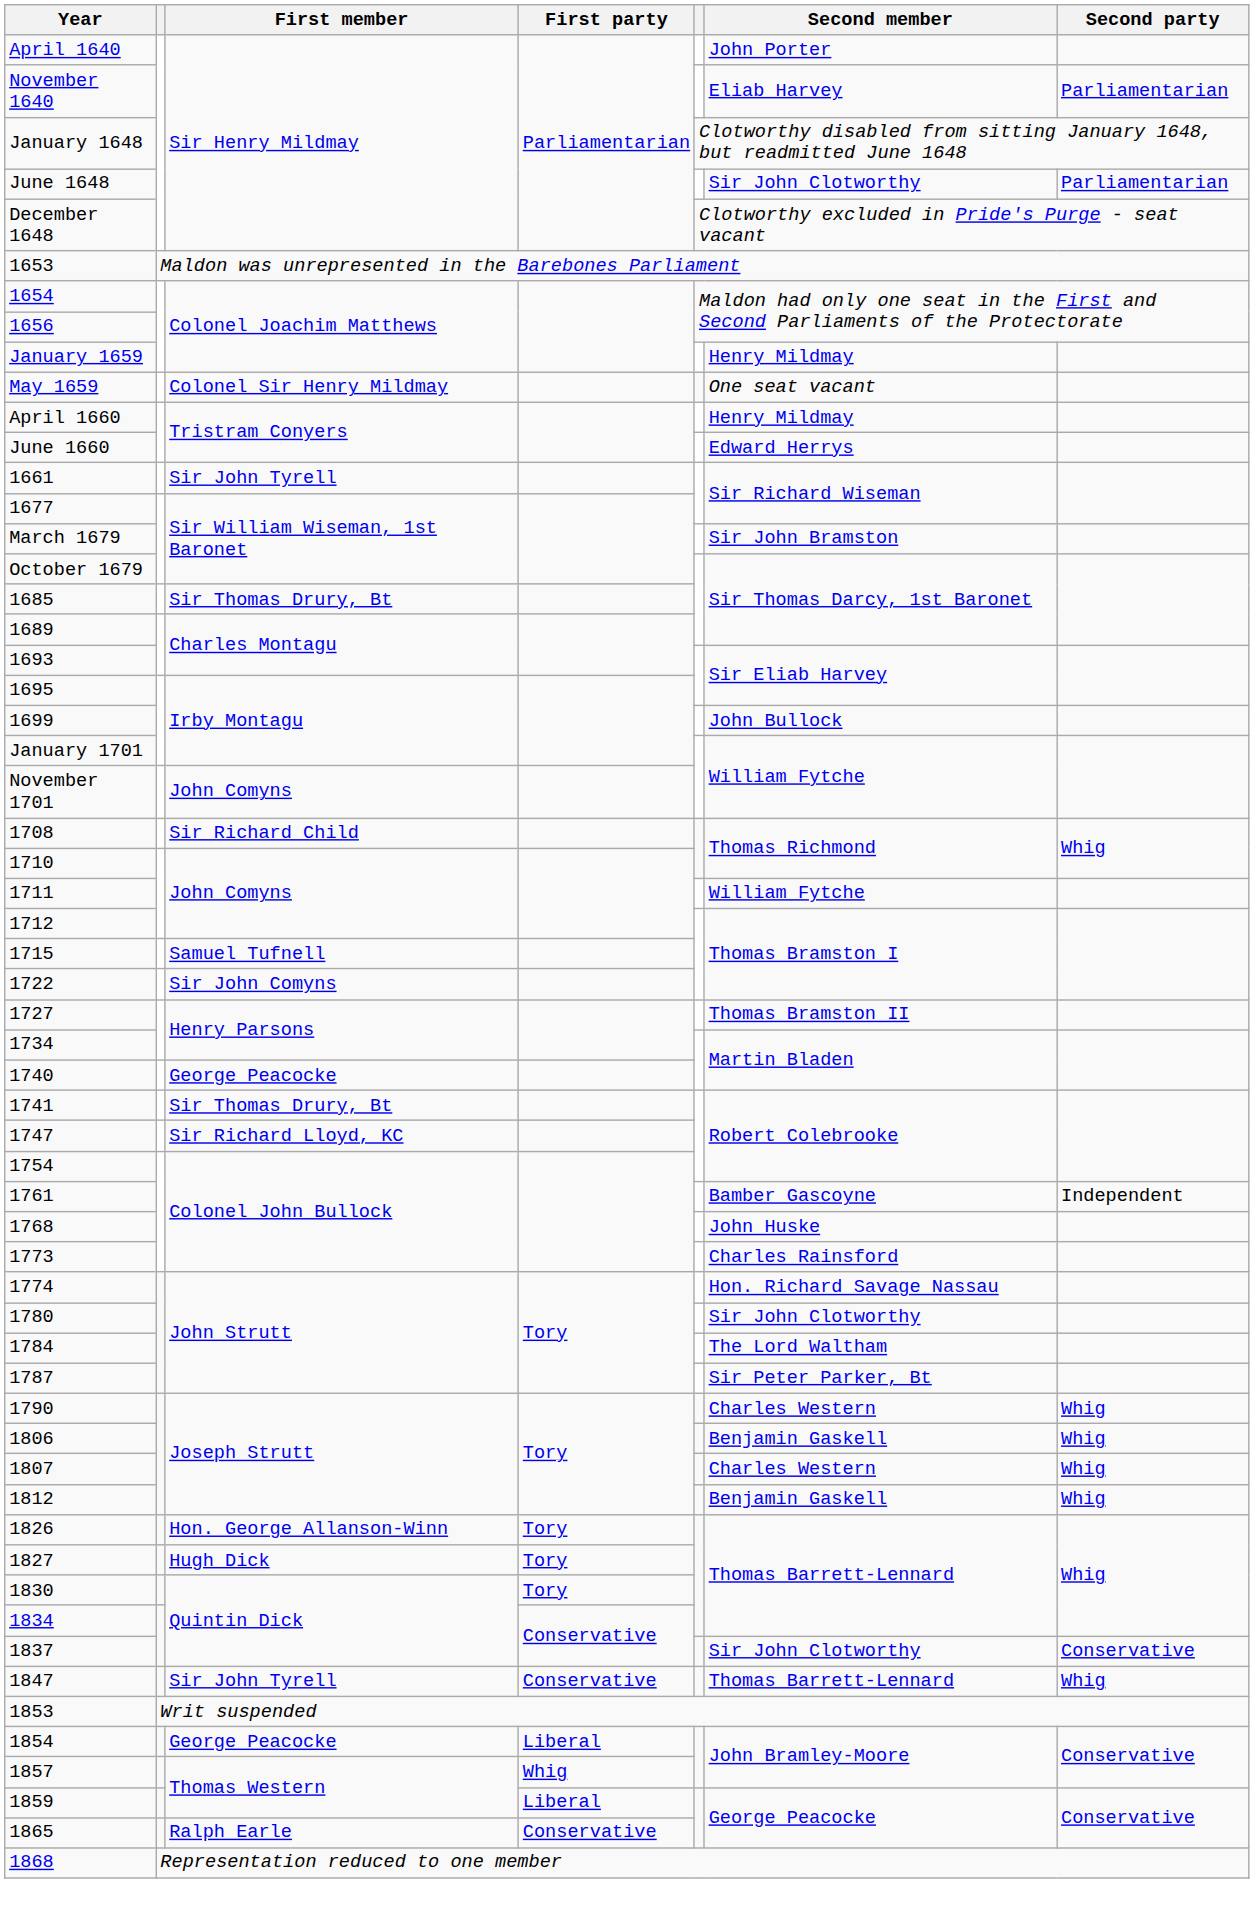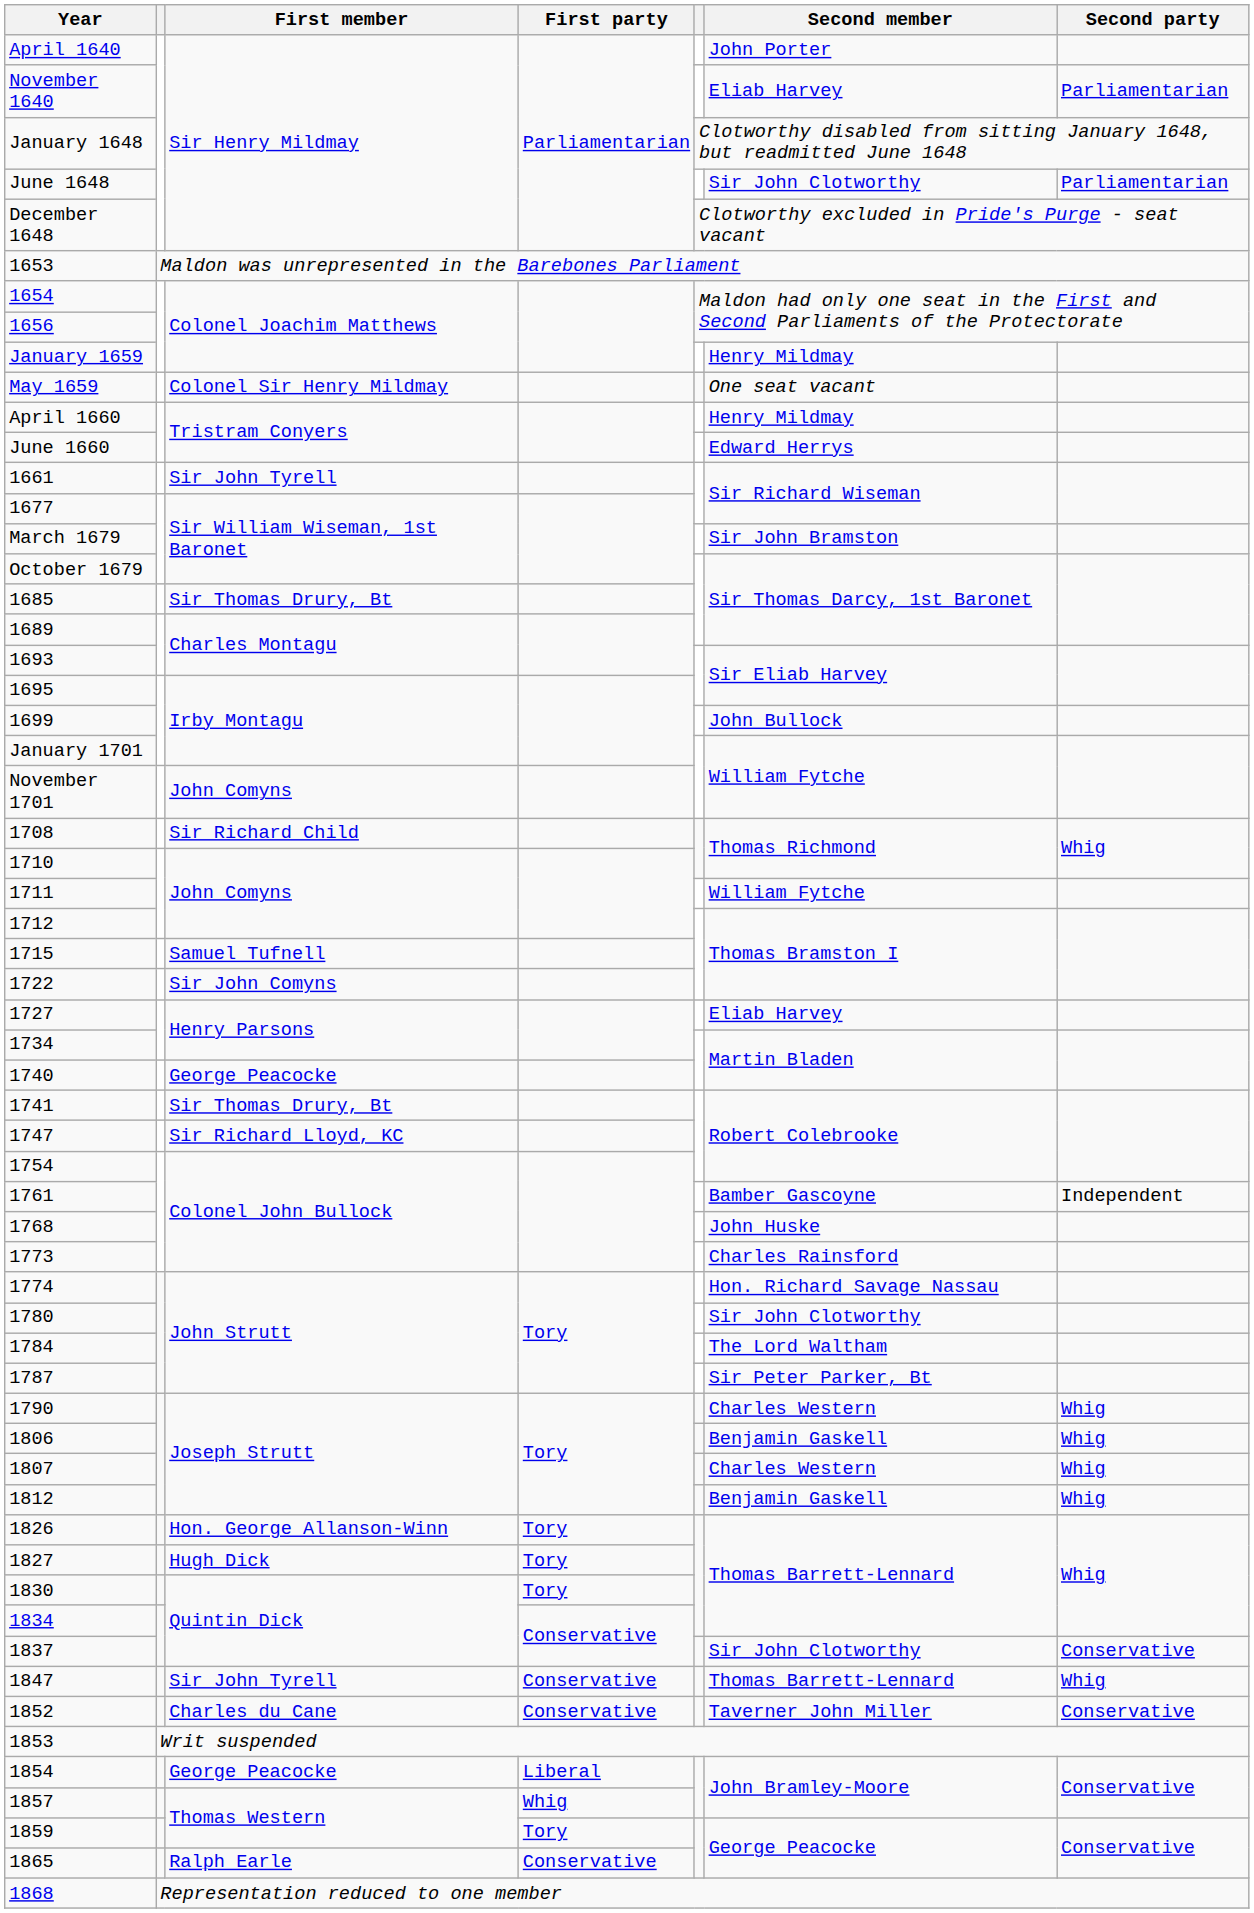 <table class="wikitable">
 <tr>
 <th>Year</th>
 <th></th>
 <th>First member</th>
 <th>First party</th>
 <th></th>
 <th>Second member</th>
 <th>Second party</th>
 </tr>
 <tr>
 <td><a href='#'>April 1640</a></td>
 <td rowspan="5" style="color:inherit;background-color: white"></td>
 <td rowspan="5"><a href='#'>Sir Henry Mildmay</a></td>
 <td rowspan="5"><a href='#'>Parliamentarian</a></td>
 <td style="color:inherit;background-color: white"></td>
 <td><a href='#'>John Porter</a></td>
 <td></td>
 </tr>
 <tr>
 <td><a href='#'>November 1640</a></td>
 <td style="color:inherit;background-color: white"></td>
 <td><a href='#'>Eliab Harvey</a></td>
 <td><a href='#'>Parliamentarian</a></td>
 </tr>
 <tr>
 <td>January 1648</td>
 <td colspan="3"><em>Clotworthy disabled from sitting January 1648,<br>but readmitted June 1648</em></td>
 </tr>
 <tr>
 <td>June 1648</td>
 <td style="color:inherit;background-color: white"></td>
 <td><a href='#'>Sir John Clotworthy</a></td>
 <td><a href='#'>Parliamentarian</a></td>
 </tr>
 <tr>
 <td>December 1648</td>
 <td colspan="3"><em>Clotworthy excluded in <a href='#'>Pride's Purge</a> - seat vacant</em></td>
 </tr>
 <tr>
 <td>1653</td>
 <td colspan="6"><em>Maldon was unrepresented in the <a href='#'>Barebones Parliament</a></em></td>
 </tr>
 <tr>
 <td><a href='#'>1654</a></td>
 <td rowspan="3" style="color:inherit;background-color: white"></td>
 <td rowspan="3"><a href='#'>Colonel Joachim Matthews</a></td>
 <td rowspan="3"></td>
 <td rowspan="2" colspan="3"><em>Maldon had only one seat in the <a href='#'>First</a>  and <br><a href='#'>Second</a> Parliaments of the Protectorate</em></td>
 </tr>
 <tr>
 <td><a href='#'>1656</a></td>
 </tr>
 <tr>
 <td><a href='#'>January 1659</a></td>
 <td style="color:inherit;background-color: white"></td>
 <td><a href='#'>Henry Mildmay</a></td>
 <td></td>
 </tr>
 <tr>
 <td><a href='#'>May 1659</a></td>
 <td style="color:inherit;background-color: white"></td>
 <td><a href='#'>Colonel Sir Henry Mildmay</a></td>
 <td></td>
 <td></td>
 <td><em>One seat vacant</em></td>
 <td></td>
 </tr>
 <tr>
 <td>April 1660</td>
 <td rowspan="2" style="color:inherit;background-color: white"></td>
 <td rowspan="2"><a href='#'>Tristram Conyers</a></td>
 <td rowspan="2"></td>
 <td style="color:inherit;background-color: white"></td>
 <td><a href='#'>Henry Mildmay</a></td>
 <td></td>
 </tr>
 <tr>
 <td>June 1660</td>
 <td style="color:inherit;background-color: white"></td>
 <td><a href='#'>Edward Herrys</a></td>
 <td></td>
 </tr>
 <tr>
 <td>1661</td>
 <td style="color:inherit;background-color: white"></td>
 <td><a href='#'>Sir John Tyrell</a></td>
 <td></td>
 <td rowspan="2" style="color:inherit;background-color: white"></td>
 <td rowspan="2"><a href='#'>Sir Richard Wiseman</a></td>
 <td rowspan="2"></td>
 </tr>
 <tr>
 <td>1677</td>
 <td rowspan="3" style="color:inherit;background-color: white"></td>
 <td rowspan="3"><a href='#'>Sir William Wiseman, 1st Baronet</a></td>
 <td rowspan="3"></td>
 </tr>
 <tr>
 <td>March 1679</td>
 <td style="color:inherit;background-color: white"></td>
 <td><a href='#'>Sir John Bramston</a></td>
 <td></td>
 </tr>
 <tr>
 <td>October 1679</td>
 <td rowspan="3" style="color:inherit;background-color: white"></td>
 <td rowspan="3"><a href='#'>Sir Thomas Darcy, 1st Baronet</a></td>
 <td rowspan="3"></td>
 </tr>
 <tr>
 <td>1685</td>
 <td style="color:inherit;background-color: white"></td>
 <td><a href='#'>Sir Thomas Drury, Bt</a></td>
 <td></td>
 </tr>
 <tr>
 <td>1689</td>
 <td rowspan="2" style="color:inherit;background-color: white"></td>
 <td rowspan="2"><a href='#'>Charles Montagu</a></td>
 <td rowspan="2"></td>
 </tr>
 <tr>
 <td>1693</td>
 <td rowspan="2" style="color:inherit;background-color: white"></td>
 <td rowspan="2"><a href='#'>Sir Eliab Harvey</a></td>
 <td rowspan="2"></td>
 </tr>
 <tr>
 <td>1695</td>
 <td rowspan="3" style="color:inherit;background-color: white"></td>
 <td rowspan="3"><a href='#'>Irby Montagu</a></td>
 <td rowspan="3"></td>
 </tr>
 <tr>
 <td>1699</td>
 <td style="color:inherit;background-color: white"></td>
 <td><a href='#'>John Bullock</a></td>
 <td></td>
 </tr>
 <tr>
 <td>January 1701</td>
 <td rowspan="2" style="color:inherit;background-color: white"></td>
 <td rowspan="2"><a href='#'>William Fytche</a></td>
 <td rowspan="2"></td>
 </tr>
 <tr>
 <td>November 1701</td>
 <td style="color:inherit;background-color: white"></td>
 <td><a href='#'>John Comyns</a></td>
 <td></td>
 </tr>
 <tr>
 <td>1708</td>
 <td style="color:inherit;background-color: white"></td>
 <td><a href='#'>Sir Richard Child</a></td>
 <td></td>
 <td rowspan="2" style="color:inherit;background-color: "></td>
 <td rowspan="2"><a href='#'>Thomas Richmond</a></td>
 <td rowspan="2"><a href='#'>Whig</a></td>
 </tr>
 <tr>
 <td>1710</td>
 <td rowspan="3" style="color:inherit;background-color: white"></td>
 <td rowspan="3"><a href='#'>John Comyns</a></td>
 <td rowspan="3"></td>
 </tr>
 <tr>
 <td>1711</td>
 <td style="color:inherit;background-color: white"></td>
 <td><a href='#'>William Fytche</a></td>
 <td></td>
 </tr>
 <tr>
 <td>1712</td>
 <td rowspan="3" style="color:inherit;background-color: white"></td>
 <td rowspan="3"><a href='#'>Thomas Bramston I</a></td>
 <td rowspan="3"></td>
 </tr>
 <tr>
 <td>1715</td>
 <td style="color:inherit;background-color: white"></td>
 <td><a href='#'>Samuel Tufnell</a></td>
 <td></td>
 </tr>
 <tr>
 <td>1722</td>
 <td style="color:inherit;background-color: white"></td>
 <td><a href='#'>Sir John Comyns</a></td>
 <td></td>
 </tr>
 <tr>
 <td>1727</td>
 <td rowspan="2" style="color:inherit;background-color: white"></td>
 <td rowspan="2"><a href='#'>Henry Parsons</a></td>
 <td rowspan="2"></td>
 <td style="color:inherit;background-color: white"></td>
-<td><a href='#'>Thomas Bramston II</a></td>
+<td><a href='#'>Eliab Harvey</a></td>
 <td></td>
 </tr>
 <tr>
 <td>1734</td>
 <td rowspan="2" style="color:inherit;background-color: white"></td>
 <td rowspan="2"><a href='#'>Martin Bladen</a></td>
 <td rowspan="2"></td>
 </tr>
 <tr>
 <td>1740</td>
 <td style="color:inherit;background-color: white"></td>
 <td><a href='#'>George Peacocke</a></td>
 <td></td>
 </tr>
 <tr>
 <td>1741</td>
 <td style="color:inherit;background-color: white"></td>
 <td><a href='#'>Sir Thomas Drury, Bt</a></td>
 <td></td>
 <td rowspan="3" style="color:inherit;background-color: white"></td>
 <td rowspan="3"><a href='#'>Robert Colebrooke</a></td>
 <td rowspan="3"></td>
 </tr>
 <tr>
 <td>1747</td>
 <td style="color:inherit;background-color: white"></td>
 <td><a href='#'>Sir Richard Lloyd, KC</a></td>
 <td></td>
 </tr>
 <tr>
 <td>1754</td>
 <td rowspan="4" style="color:inherit;background-color: white"></td>
 <td rowspan="4"><a href='#'>Colonel John Bullock</a></td>
 <td rowspan="4"></td>
 </tr>
 <tr>
 <td>1761</td>
 <td style="color:inherit;background-color: white"></td>
 <td><a href='#'>Bamber Gascoyne</a></td>
 <td>Independent</td>
 </tr>
 <tr>
 <td>1768</td>
 <td style="color:inherit;background-color: white"></td>
 <td><a href='#'>John Huske</a></td>
 <td></td>
 </tr>
 <tr>
 <td>1773</td>
 <td style="color:inherit;background-color: white"></td>
 <td><a href='#'>Charles Rainsford</a></td>
 <td></td>
 </tr>
 <tr>
 <td>1774</td>
 <td rowspan="4" style="color:inherit;background-color: "></td>
 <td rowspan="4"><a href='#'>John Strutt</a></td>
 <td rowspan="4"><a href='#'>Tory</a></td>
 <td style="color:inherit;background-color: white"></td>
 <td><a href='#'>Hon. Richard Savage Nassau</a></td>
 <td></td>
 </tr>
 <tr>
 <td>1780</td>
 <td style="color:inherit;background-color: white"></td>
 <td><a href='#'>Sir John Clotworthy</a></td>
 <td></td>
 </tr>
 <tr>
 <td>1784</td>
 <td style="color:inherit;background-color: white"></td>
 <td><a href='#'>The Lord Waltham</a></td>
 <td></td>
 </tr>
 <tr>
 <td>1787</td>
 <td style="color:inherit;background-color: white"></td>
 <td><a href='#'>Sir Peter Parker, Bt</a></td>
 <td></td>
 </tr>
 <tr>
 <td>1790</td>
 <td rowspan="4" style="color:inherit;background-color: "></td>
 <td rowspan="4"><a href='#'>Joseph Strutt</a></td>
 <td rowspan="4"><a href='#'>Tory</a></td>
 <td style="color:inherit;background-color: "></td>
 <td><a href='#'>Charles Western</a></td>
 <td><a href='#'>Whig</a></td>
 </tr>
 <tr>
 <td>1806</td>
 <td style="color:inherit;background-color: "></td>
 <td><a href='#'>Benjamin Gaskell</a></td>
 <td><a href='#'>Whig</a></td>
 </tr>
 <tr>
 <td>1807</td>
 <td style="color:inherit;background-color: "></td>
 <td><a href='#'>Charles Western</a></td>
 <td><a href='#'>Whig</a></td>
 </tr>
 <tr>
 <td>1812</td>
 <td style="color:inherit;background-color: "></td>
 <td><a href='#'>Benjamin Gaskell</a></td>
 <td><a href='#'>Whig</a></td>
 </tr>
 <tr>
 <td>1826</td>
 <td style="color:inherit;background-color: "></td>
 <td><a href='#'>Hon. George Allanson-Winn</a></td>
 <td><a href='#'>Tory</a></td>
 <td rowspan="4" style="color:inherit;background-color: "></td>
 <td rowspan="4"><a href='#'>Thomas Barrett-Lennard</a></td>
 <td rowspan="4"><a href='#'>Whig</a></td>
 </tr>
 <tr>
 <td>1827</td>
 <td style="color:inherit;background-color: "></td>
 <td><a href='#'>Hugh Dick</a></td>
 <td><a href='#'>Tory</a></td>
 </tr>
 <tr>
 <td>1830</td>
 <td style="color:inherit;background-color: "></td>
 <td rowspan="3"><a href='#'>Quintin Dick</a></td>
 <td><a href='#'>Tory</a></td>
 </tr>
 <tr>
 <td><a href='#'>1834</a></td>
 <td rowspan="2" style="color:inherit;background-color: "></td>
 <td rowspan="2"><a href='#'>Conservative</a></td>
 </tr>
 <tr>
 <td>1837</td>
 <td style="color:inherit;background-color: "></td>
 <td><a href='#'>Sir John Clotworthy</a></td>
 <td><a href='#'>Conservative</a></td>
 </tr>
 <tr>
 <td>1847</td>
 <td style="color:inherit;background-color: "></td>
 <td><a href='#'>Sir John Tyrell</a></td>
 <td><a href='#'>Conservative</a></td>
 <td style="color:inherit;background-color: "></td>
 <td><a href='#'>Thomas Barrett-Lennard</a></td>
 <td><a href='#'>Whig</a></td>
 </tr>
 <tr>
+<td>1852 </td>
+<td style="color:inherit;background-color: "></td>
+<td><a href='#'>Charles du Cane</a></td>
+<td><a href='#'>Conservative</a></td>
+<td style="color:inherit;background-color: "></td>
+<td><a href='#'>Taverner John Miller</a></td>
+<td><a href='#'>Conservative</a></td>
+</tr>
+<tr>
 <td>1853</td>
 <td colspan=6><em>Writ suspended</em></td>
 </tr>
 <tr>
 <td>1854</td>
 <td style="color:inherit;background-color: "></td>
 <td><a href='#'>George Peacocke</a></td>
 <td><a href='#'>Liberal</a></td>
 <td rowspan="2" style="color:inherit;background-color: "></td>
 <td rowspan="2"><a href='#'>John Bramley-Moore</a></td>
 <td rowspan="2"><a href='#'>Conservative</a></td>
 </tr>
 <tr>
 <td>1857</td>
 <td style="color:inherit;background-color: "></td>
 <td rowspan="2"><a href='#'>Thomas Western</a></td>
 <td><a href='#'>Whig</a></td>
 </tr>
 <tr>
 <td>1859</td>
 <td style="color:inherit;background-color: "></td>
-<td><a href='#'>Liberal</a></td>
+<td><a href='#'>Tory</a></td>
 <td rowspan="2" style="color:inherit;background-color: "></td>
 <td rowspan="2"><a href='#'>George Peacocke</a></td>
 <td rowspan="2"><a href='#'>Conservative</a></td>
 </tr>
 <tr>
 <td>1865</td>
 <td style="color:inherit;background-color: "></td>
 <td><a href='#'>Ralph Earle</a></td>
 <td><a href='#'>Conservative</a></td>
 </tr>
 <tr>
 <td><a href='#'>1868</a></td>
 <td colspan="6"><em>Representation reduced to one member</em></td>
 </tr>
 </table>
